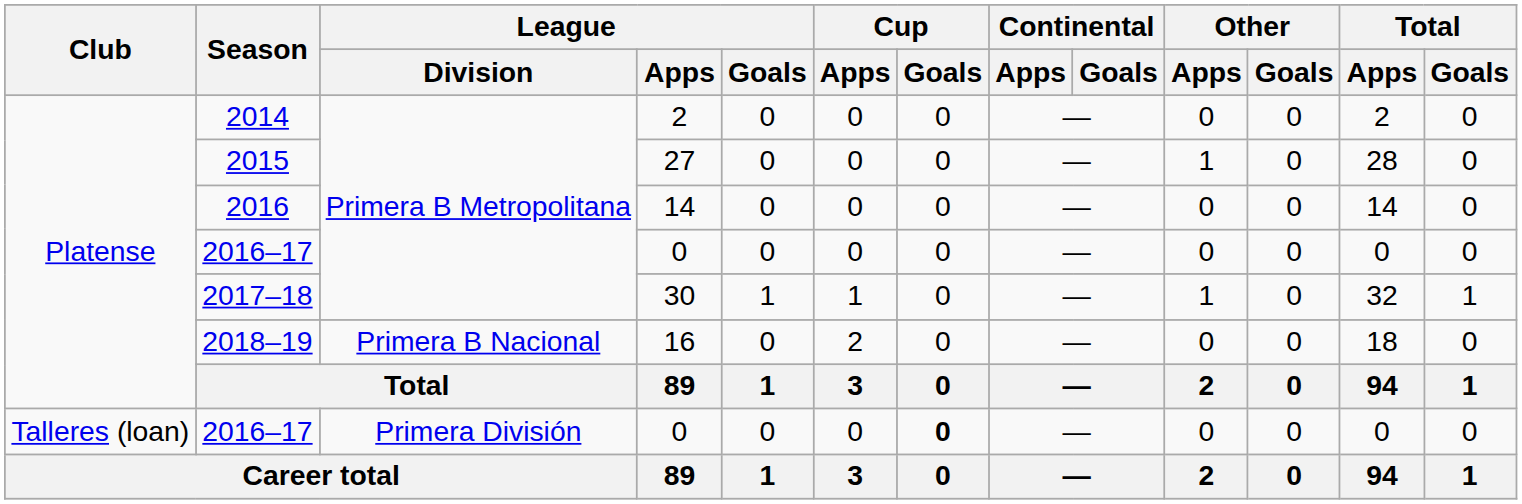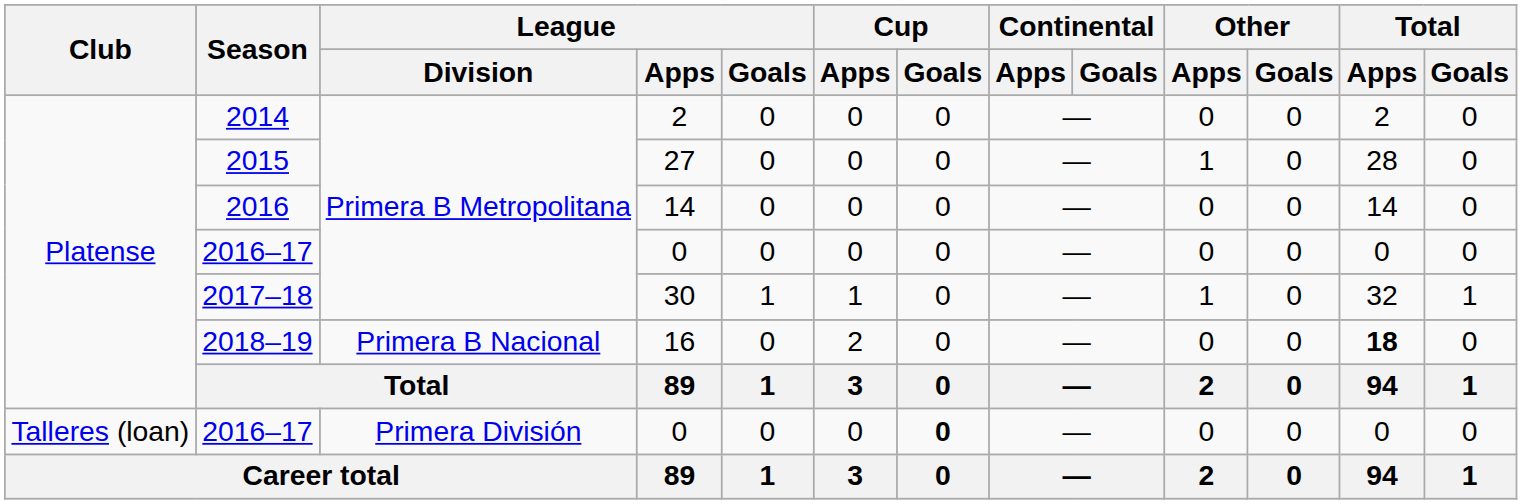 <table class="wikitable" style="text-align:center">
 <tr>
 <th rowspan="2">Club</th>
 <th rowspan="2">Season</th>
 <th colspan="3">League</th>
 <th colspan="2">Cup</th>
 <th colspan="2">Continental</th>
 <th colspan="2">Other</th>
 <th colspan="2">Total</th>
 </tr>
 <tr>
 <th>Division</th>
 <th>Apps</th>
 <th>Goals</th>
 <th>Apps</th>
 <th>Goals</th>
 <th>Apps</th>
 <th>Goals</th>
 <th>Apps</th>
 <th>Goals</th>
 <th>Apps</th>
 <th>Goals</th>
 </tr>
 <tr>
 <td rowspan="7"><a href='#'>Platense</a></td>
 <td><a href='#'>2014</a></td>
 <td rowspan="5"><a href='#'>Primera B Metropolitana</a></td>
 <td>2</td>
 <td>0</td>
 <td>0</td>
 <td>0</td>
 <td colspan="2">—</td>
 <td>0</td>
 <td>0</td>
 <td>2</td>
 <td>0</td>
 </tr>
 <tr>
 <td><a href='#'>2015</a></td>
 <td>27</td>
 <td>0</td>
 <td>0</td>
 <td>0</td>
 <td colspan="2">—</td>
 <td>1</td>
 <td>0</td>
 <td>28</td>
 <td>0</td>
 </tr>
 <tr>
 <td><a href='#'>2016</a></td>
 <td>14</td>
 <td>0</td>
 <td>0</td>
 <td>0</td>
 <td colspan="2">—</td>
 <td>0</td>
 <td>0</td>
 <td>14</td>
 <td>0</td>
 </tr>
 <tr>
 <td><a href='#'>2016–17</a></td>
 <td>0</td>
 <td>0</td>
 <td>0</td>
 <td>0</td>
 <td colspan="2">—</td>
 <td>0</td>
 <td>0</td>
 <td>0</td>
 <td>0</td>
 </tr>
 <tr>
 <td><a href='#'>2017–18</a></td>
 <td>30</td>
 <td>1</td>
 <td>1</td>
 <td>0</td>
 <td colspan="2">—</td>
 <td>1</td>
 <td>0</td>
 <td>32</td>
 <td>1</td>
 </tr>
 <tr>
 <td><a href='#'>2018–19</a></td>
 <td rowspan="1"><a href='#'>Primera B Nacional</a></td>
 <td>16</td>
 <td>0</td>
 <td>2</td>
 <td>0</td>
 <td colspan="2">—</td>
 <td>0</td>
 <td>0</td>
-<td>18</td>
+<td><strong>18</strong></td>
 <td>0</td>
 </tr>
 <tr>
 <th colspan="2">Total</th>
 <th>89</th>
 <th>1</th>
 <th>3</th>
 <th>0</th>
 <th colspan="2">—</th>
 <th>2</th>
 <th>0</th>
 <th>94</th>
 <th>1</th>
 </tr>
 <tr>
 <td rowspan="1"><a href='#'>Talleres</a> (loan)</td>
 <td><a href='#'>2016–17</a></td>
 <td rowspan="1"><a href='#'>Primera División</a></td>
 <td>0</td>
 <td>0</td>
 <td>0</td>
 <td><strong>0</strong></td>
 <td colspan="2">—</td>
 <td>0</td>
 <td>0</td>
 <td>0</td>
 <td>0</td>
 </tr>
 <tr>
 <th colspan="3">Career total</th>
 <th>89</th>
 <th>1</th>
 <th>3</th>
 <th>0</th>
 <th colspan="2">—</th>
 <th>2</th>
 <th>0</th>
 <th>94</th>
 <th>1</th>
 </tr>
 </table>
